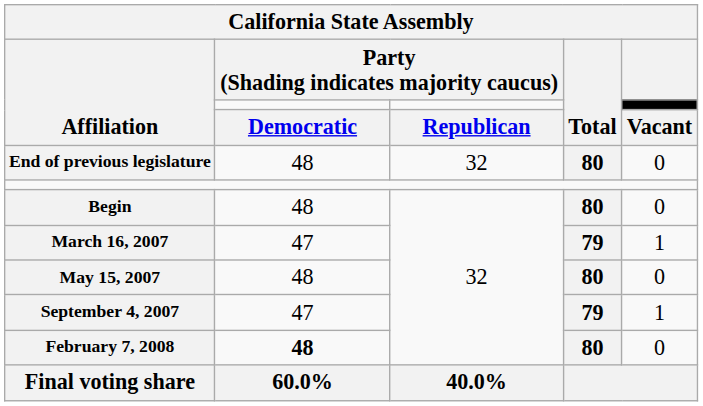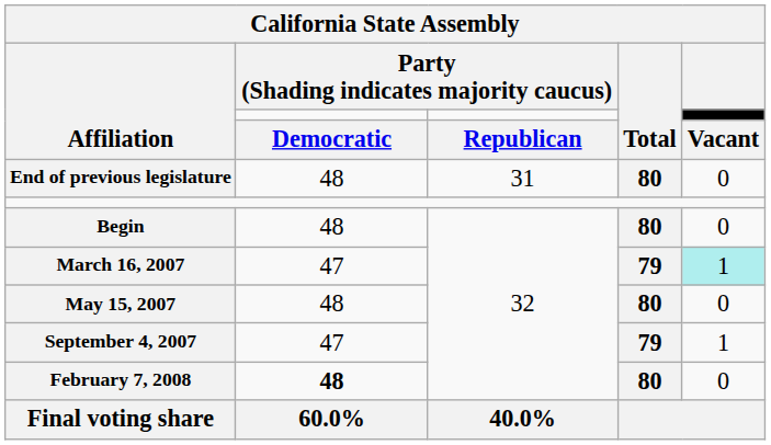 <table class=wikitable style="text-align:center">
 <tr>
 <th colspan="6">California State Assembly</th>
 </tr>
 <tr valign=bottom>
 <th rowspan=3>Affiliation</th>
 <th colspan=2>Party <div>(Shading indicates majority caucus)</div></th>
 <th rowspan=3>Total</th>
 <th></th>
 </tr>
 <tr style="height:5px">
 <td style="background-color:"></td>
 <td style="background-color:"></td>
 <td bgcolor=black></td>
 </tr>
 <tr>
 <th><a href='#'>Democratic</a></th>
 <th><a href='#'>Republican</a></th>
 <th>Vacant</th>
 </tr>
 <tr>
 <th nowrap style="font-size:80%">End of previous legislature</th>
 <td>48</td>
-<td>32</td>
+<td>31</td>
 <th>80</th>
 <td>0</td>
 </tr>
 <tr>
 <td colspan=5></td>
 </tr>
 <tr>
 <th nowrap style="font-size:80%">Begin</th>
 <td>48</td>
 <td rowspan=5>32</td>
 <th>80</th>
 <td>0</td>
 </tr>
 <tr>
 <th nowrap style="font-size:80%">March 16, 2007</th>
 <td>47</td>
 <th>79</th>
-<td>1</td>
+<td style="background: paleturquoise;">1</td>
 </tr>
 <tr>
 <th nowrap style="font-size:80%">May 15, 2007</th>
 <td>48</td>
 <th>80</th>
 <td>0</td>
 </tr>
 <tr>
 <th nowrap style="font-size:80%">September 4, 2007</th>
 <td>47</td>
 <th>79</th>
 <td>1</td>
 </tr>
 <tr>
 <th nowrap style="font-size:80%">February 7, 2008</th>
 <td><strong>48</strong></td>
 <th>80</th>
 <td>0</td>
 </tr>
 <tr>
 <th>Final voting share</th>
 <th>60.0%</th>
 <th>40.0%</th>
 <th colspan=2></th>
 </tr>
 </table>
